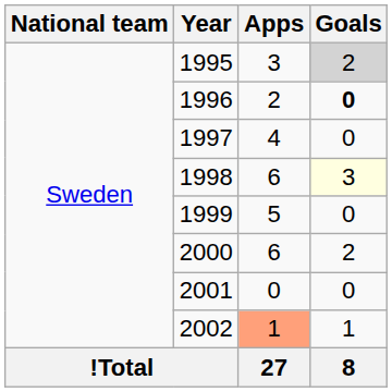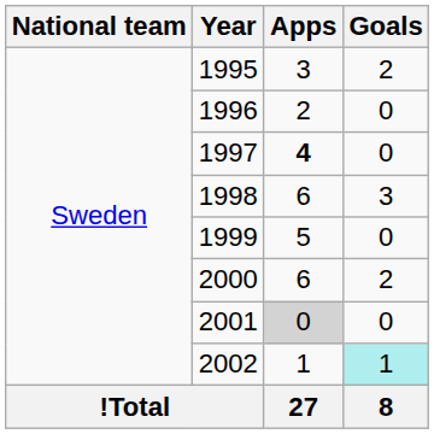 <table class="wikitable" style="text-align:center">
 <tr>
 <th>National team</th>
 <th>Year</th>
 <th>Apps</th>
 <th>Goals</th>
 </tr>
 <tr>
 <td rowspan="8"><a href='#'>Sweden</a></td>
 <td>1995</td>
 <td>3</td>
-<td style="background: lightgrey;">2</td>
+<td>2</td>
 </tr>
 <tr>
 <td>1996</td>
 <td>2</td>
-<td><strong>0</strong></td>
+<td>0</td>
 </tr>
 <tr>
 <td>1997</td>
-<td>4</td>
+<td><strong>4</strong></td>
 <td>0</td>
 </tr>
 <tr>
 <td>1998</td>
 <td>6</td>
-<td style="background: lightyellow;">3</td>
+<td>3</td>
 </tr>
 <tr>
 <td>1999</td>
 <td>5</td>
 <td>0</td>
 </tr>
 <tr>
 <td>2000</td>
 <td>6</td>
 <td>2</td>
 </tr>
 <tr>
 <td>2001</td>
-<td>0</td>
+<td style="background: lightgrey;">0</td>
 <td>0</td>
 </tr>
 <tr>
 <td>2002</td>
-<td style="background: lightsalmon;">1</td>
 <td>1</td>
+<td style="background: paleturquoise;">1</td>
 </tr>
 <tr>
 <th colspan="2">!Total</th>
 <th>27</th>
 <th>8</th>
 </tr>
 </table>
